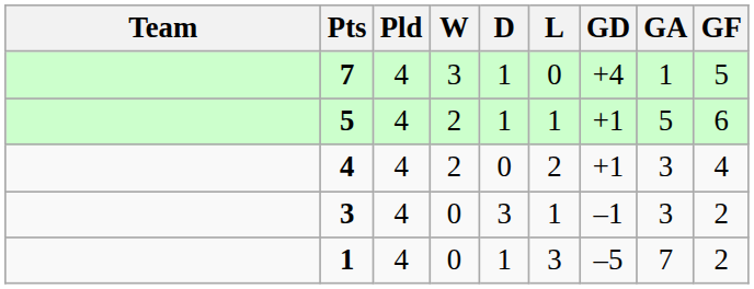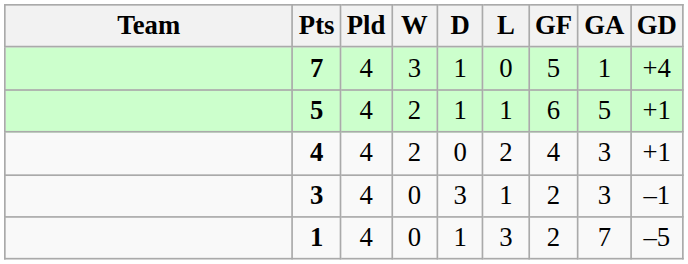 <table class=wikitable style="text-align:center">
 <tr>
 <th width=165>Team</th>
 <th width=20>Pts</th>
 <th width=20>Pld</th>
 <th width=20>W</th>
 <th width=20>D</th>
 <th width=20>L</th>
+<th width=20>GF</th>
+<th width=20>GA</th>
 <th width=20>GD</th>
-<th width=20>GA</th>
-<th width=20>GF</th>
 </tr>
 <tr align=center style="background:#ccffcc;">
 <td style="text-align:left;"></td>
 <td><strong>7</strong></td>
 <td>4</td>
 <td>3</td>
 <td>1</td>
 <td>0</td>
+<td>5</td>
+<td>1</td>
 <td>+4</td>
-<td>1</td>
-<td>5</td>
 </tr>
 <tr align=center style="background:#ccffcc;">
 <td style="text-align:left;"></td>
 <td><strong>5</strong></td>
 <td>4</td>
 <td>2</td>
 <td>1</td>
 <td>1</td>
+<td>6</td>
+<td>5</td>
 <td>+1</td>
-<td>5</td>
-<td>6</td>
 </tr>
 <tr align=center>
 <td style="text-align:left;"></td>
 <td><strong>4</strong></td>
 <td>4</td>
 <td>2</td>
 <td>0</td>
 <td>2</td>
+<td>4</td>
+<td>3</td>
 <td>+1</td>
-<td>3</td>
-<td>4</td>
 </tr>
 <tr align=center>
 <td style="text-align:left;"></td>
 <td><strong>3</strong></td>
 <td>4</td>
 <td>0</td>
 <td>3</td>
 <td>1</td>
+<td>2</td>
+<td>3</td>
 <td>–1</td>
-<td>3</td>
-<td>2</td>
 </tr>
 <tr align=center>
 <td style="text-align:left;"></td>
 <td><strong>1</strong></td>
 <td>4</td>
 <td>0</td>
 <td>1</td>
 <td>3</td>
+<td>2</td>
+<td>7</td>
 <td>–5</td>
-<td>7</td>
-<td>2</td>
 </tr>
 </table>
